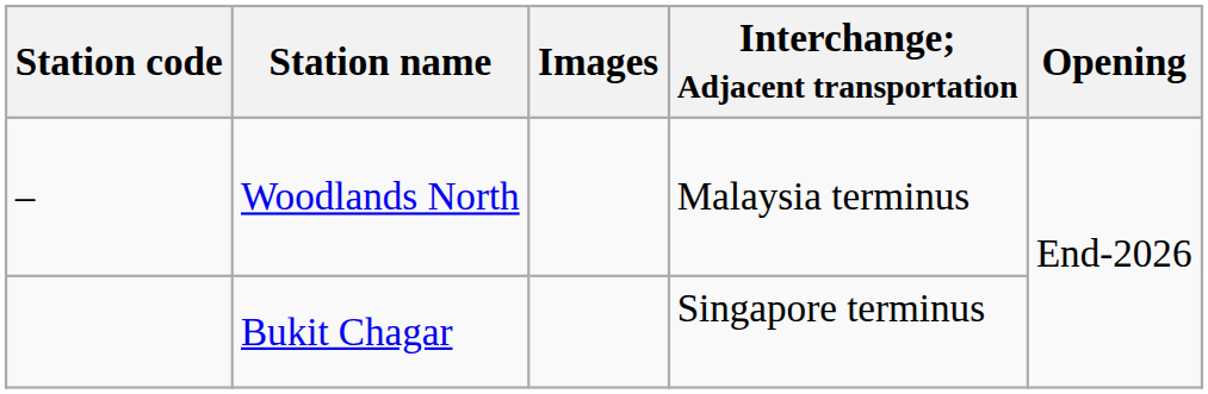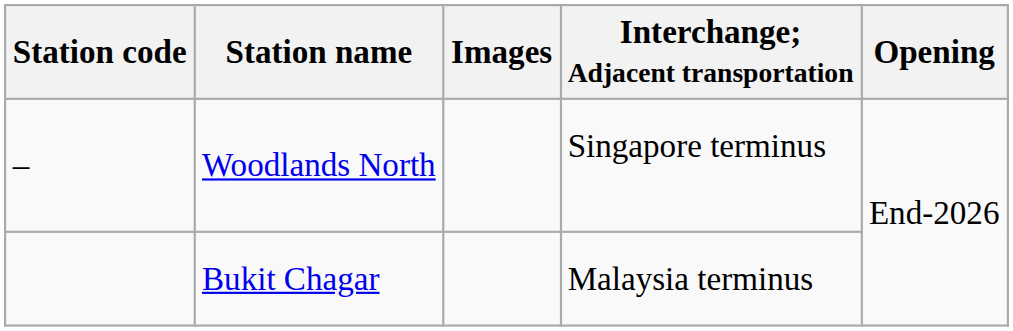 <table class="wikitable" style="color: black; border-collapse: collapse; font-size: 95%">
 <tr>
 <th scope="col" style="color: black; background:#">Station code</th>
 <th scope="col" style="color: black; background:#">Station name</th>
 <th scope="col" style="color: black; background:#">Images</th>
 <th scope="col" style="color: black; background:#">Interchange;<br><small>Adjacent transportation</small></th>
 <th scope="col" style="color: black; background:#">Opening</th>
 </tr>
 <tr>
 <td> <br> – <br>  </td>
 <td><a href='#'>Woodlands North</a></td>
 <td></td>
-<td>Malaysia terminus  </td>
+<td>Singapore terminus<br>   </td>
 <td rowspan="2">End-2026</td>
 </tr>
 <tr>
 <td> <br>  </td>
 <td><a href='#'>Bukit Chagar</a></td>
 <td></td>
-<td>Singapore terminus<br>   </td>
+<td>Malaysia terminus  </td>
 </tr>
 </table>
